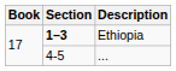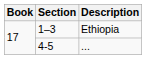 <table class="wikitable" style="max-width:45em;">
 <tr>
 <th>Book</th>
 <th>Section</th>
 <th>Description</th>
 </tr>
 <tr>
 <td rowspan="2">17</td>
-<td><strong>1–3</strong></td>
+<td>1–3</td>
 <td>Ethiopia</td>
 </tr>
 <tr>
 <td>4-5</td>
 <td>...</td>
 </tr>
 </table>
